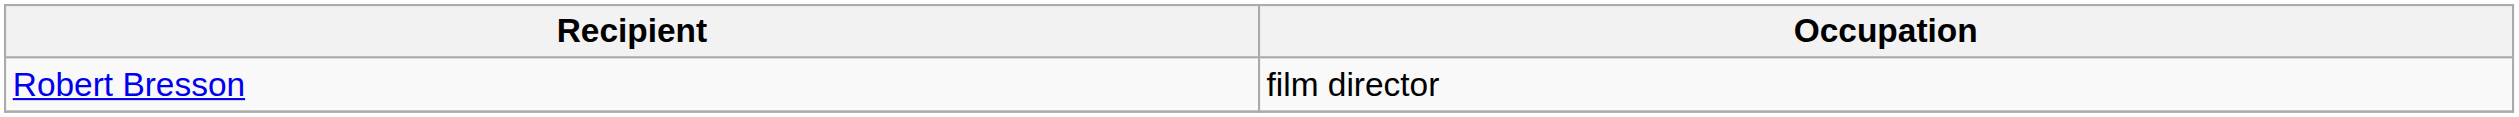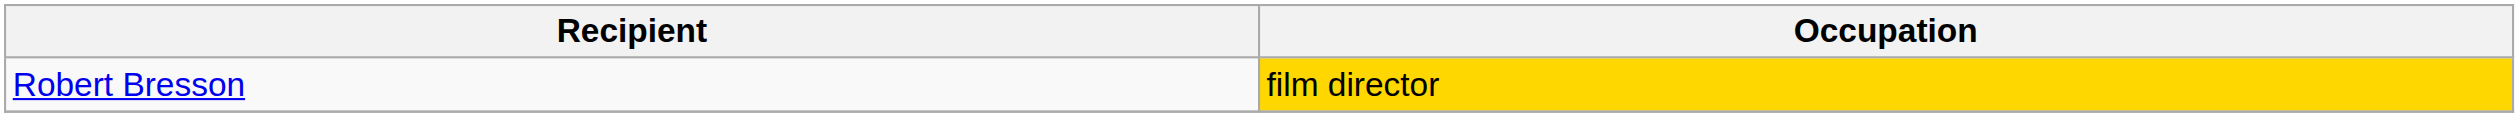 <table class="wikitable" width="95%" cellpadding="5">
 <tr>
 <th width="25%">Recipient</th>
 <th width="25%">Occupation</th>
 </tr>
 <tr>
 <td> <a href='#'>Robert Bresson</a></td>
-<td>film director</td>
+<td style="background: gold;">film director</td>
 </tr>
 <tr>
 </tr>
 </table>
